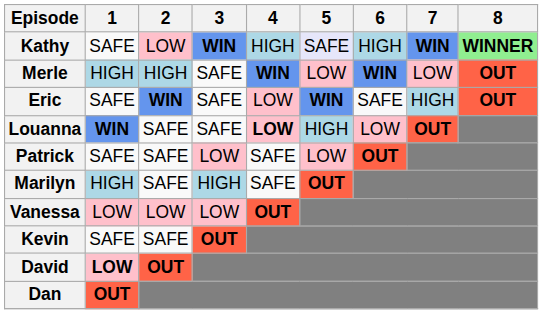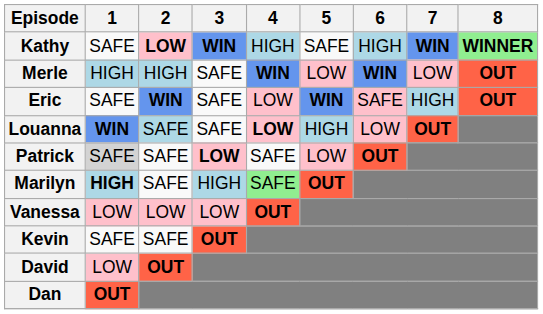 <table class="wikitable" style="text-align:center">
 <tr>
 <th>Episode</th>
 <th>1</th>
 <th>2</th>
 <th>3</th>
 <th>4</th>
 <th>5</th>
 <th>6</th>
 <th>7</th>
 <th>8</th>
 </tr>
 <tr>
 <th>Kathy</th>
 <td>SAFE</td>
-<td style="background:pink;">LOW</td>
+<td style="background:pink;"><strong>LOW</strong></td>
 <td style="background:cornflowerblue;"><strong>WIN</strong></td>
 <td style="background:lightblue;">HIGH</td>
-<td style="background: lavender;">SAFE</td>
+<td>SAFE</td>
 <td style="background:lightblue;">HIGH</td>
 <td style="background:cornflowerblue;"><strong>WIN</strong></td>
 <td style="background:lightgreen;"><strong>WINNER</strong></td>
 </tr>
 <tr>
 <th>Merle</th>
 <td style="background:lightblue;">HIGH</td>
 <td style="background:lightblue;">HIGH</td>
 <td>SAFE</td>
 <td style="background:cornflowerblue;"><strong>WIN</strong></td>
 <td style="background:pink;">LOW</td>
 <td style="background:cornflowerblue;"><strong>WIN</strong></td>
 <td style="background:pink;">LOW</td>
 <td style="background:tomato;"><strong>OUT</strong></td>
 </tr>
 <tr>
 <th>Eric</th>
 <td>SAFE</td>
 <td style="background:cornflowerblue;"><strong>WIN</strong></td>
 <td>SAFE</td>
 <td style="background:pink;">LOW</td>
 <td style="background:cornflowerblue;"><strong>WIN</strong></td>
-<td>SAFE</td>
+<td style="background: pink;">SAFE</td>
 <td style="background:lightblue;">HIGH</td>
 <td style="background:tomato;"><strong>OUT</strong></td>
 </tr>
 <tr>
 <th>Louanna</th>
 <td style="background:cornflowerblue;"><strong>WIN</strong></td>
-<td>SAFE</td>
+<td style="background: lightblue;">SAFE</td>
 <td>SAFE</td>
 <td style="background:pink;"><strong>LOW</strong></td>
 <td style="background:lightblue;">HIGH</td>
 <td style="background:pink;">LOW</td>
 <td style="background:tomato;"><strong>OUT</strong></td>
 <td style="background:gray;" colspan="14"></td>
 </tr>
 <tr>
 <th>Patrick</th>
+<td style="background: lightgrey;">SAFE</td>
 <td>SAFE</td>
-<td>SAFE</td>
-<td style="background:pink;">LOW</td>
+<td style="background:pink;"><strong>LOW</strong></td>
 <td>SAFE</td>
 <td style="background:pink;">LOW</td>
 <td style="background:tomato;"><strong>OUT</strong></td>
 <td style="background:gray;" colspan="14"></td>
 </tr>
 <tr>
 <th>Marilyn</th>
-<td style="background:lightblue;">HIGH</td>
+<td style="background:lightblue;"><strong>HIGH</strong></td>
 <td>SAFE</td>
 <td style="background:lightblue;">HIGH</td>
-<td>SAFE</td>
+<td style="background: lightgreen;">SAFE</td>
 <td style="background:tomato;"><strong>OUT</strong></td>
 <td style="background:gray;" colspan="14"></td>
 </tr>
 <tr>
 <th>Vanessa</th>
 <td style="background:pink;">LOW</td>
 <td style="background:pink;">LOW</td>
 <td style="background:pink;">LOW</td>
 <td style="background:tomato;"><strong>OUT</strong></td>
 <td style="background:gray;" colspan="14"></td>
 </tr>
 <tr>
 <th>Kevin</th>
 <td>SAFE</td>
 <td>SAFE</td>
 <td style="background:tomato;"><strong>OUT</strong></td>
 <td style="background:gray;" colspan="14"></td>
 </tr>
 <tr>
 <th>David</th>
-<td style="background:pink;"><strong>LOW</strong></td>
+<td style="background:pink;">LOW</td>
 <td style="background:tomato;"><strong>OUT</strong></td>
 <td style="background:gray;" colspan="14"></td>
 </tr>
 <tr>
 <th>Dan</th>
 <td style="background:tomato;"><strong>OUT</strong></td>
 <td style="background:gray;" colspan="14"></td>
 </tr>
 <tr>
 </tr>
 </table>
